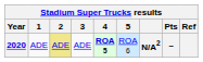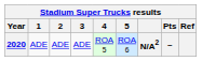 <table class="wikitable" style="text-align:center; font-size:80%">
 <tr>
 <th colspan=45><a href='#'>Stadium Super Trucks</a> results</th>
 </tr>
 <tr>
 <th>Year</th>
 <th>1</th>
 <th>2</th>
 <th>3</th>
 <th>4</th>
 <th>5</th>
 <th></th>
 <th>Pts</th>
 <th>Ref</th>
 </tr>
 <tr>
 <th><a href='#'>2020</a></th>
 <td><a href='#'>ADE</a></td>
-<td style="background: khaki;"><a href='#'>ADE</a></td>
 <td><a href='#'>ADE</a></td>
-<td style="background:#DFFFDF;"><strong><a href='#'>ROA</a><br><small>5</small></strong></td>
+<td><a href='#'>ADE</a></td>
+<td style="background:#DFFFDF;"><a href='#'>ROA</a><br><small>5</small></td>
 <td style="background:#CFEAFF;"><a href='#'>ROA</a><br><small>6</small></td>
 <th>N/A<sup>2</sup></th>
 <th>–</th>
 <th></th>
 </tr>
 </table>
